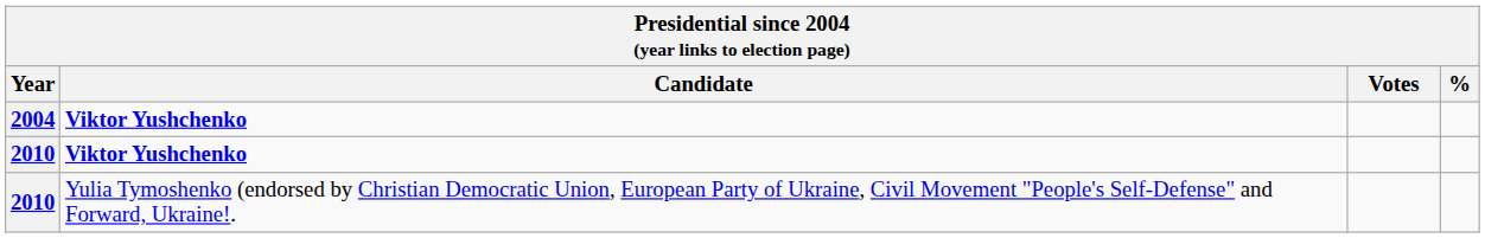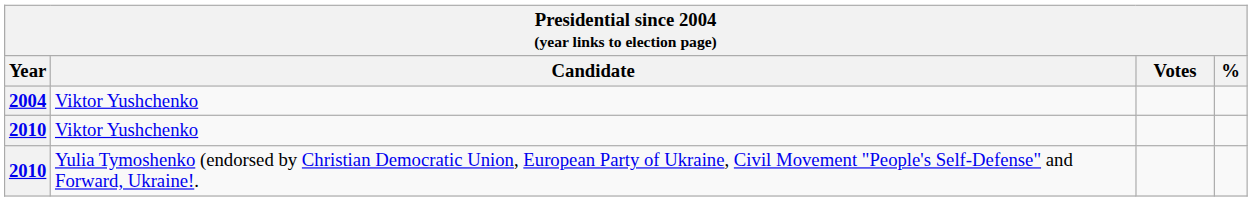 <table class="wikitable" style="float:left">
 <tr style="background-color:#C9C9C9">
 <th colspan="9"><strong>Presidential since 2004<br><small>(year links to election page)</small></strong></th>
 </tr>
 <tr>
 <th style="width: 20px">Year</th>
 <th style="width: 920px">Candidate</th>
 <th style="width: 60px">Votes</th>
 <th style="width: 20px">%</th>
 </tr>
 <tr>
 <th><a href='#'>2004</a></th>
-<td><strong><a href='#'>Viktor Yushchenko</a></strong></td>
+<td><a href='#'>Viktor Yushchenko</a></td>
 <td></td>
 <td></td>
 </tr>
 <tr>
 <th><a href='#'>2010</a></th>
-<td><strong><a href='#'>Viktor Yushchenko</a></strong></td>
+<td><a href='#'>Viktor Yushchenko</a></td>
 <td></td>
 <td></td>
 </tr>
 <tr>
 <th><a href='#'>2010</a></th>
 <td><a href='#'>Yulia Tymoshenko</a> (endorsed by <a href='#'>Christian Democratic Union</a>, <a href='#'>European Party of Ukraine</a>, <a href='#'>Civil Movement "People's Self-Defense"</a> and <a href='#'>Forward, Ukraine!</a>.</td>
 <td></td>
 <td></td>
 </tr>
 </table>
